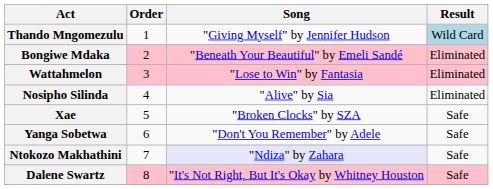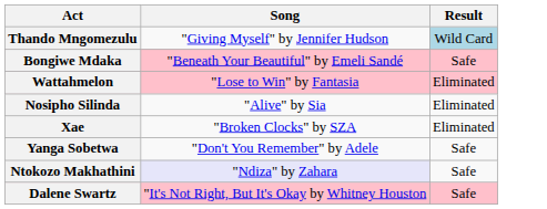 <table class="wikitable plainrowheaders" style="text-align:center;">
 <tr>
 <th scope="col">Act</th>
-<th scope="col">Order</th>
 <th scope="col">Song</th>
 <th scope="col">Result</th>
 </tr>
 <tr>
 <th scope=row>Thando Mngomezulu</th>
-<td>1</td>
 <td>"<a href='#'>Giving Myself</a>" by <a href='#'>Jennifer Hudson</a></td>
 <td style="background: #add8e6">Wild Card</td>
 </tr>
 <tr style="background: pink">
 <th scope=row>Bongiwe Mdaka</th>
-<td>2</td>
 <td>"<a href='#'>Beneath Your Beautiful</a>" by <a href='#'>Emeli Sandé</a></td>
-<td>Eliminated</td>
+<td>Safe</td>
 </tr>
 <tr style="background: pink">
 <th scope=row>Wattahmelon</th>
-<td>3</td>
 <td>"<a href='#'>Lose to Win</a>" by <a href='#'>Fantasia</a></td>
 <td>Eliminated</td>
 </tr>
 <tr>
 <th scope=row>Nosipho Silinda</th>
-<td>4</td>
 <td>"<a href='#'>Alive</a>" by <a href='#'>Sia</a></td>
 <td>Eliminated</td>
 </tr>
 <tr>
 <th scope=row>Xae</th>
-<td>5</td>
 <td>"<a href='#'>Broken Clocks</a>" by <a href='#'>SZA</a></td>
-<td>Safe</td>
+<td>Eliminated</td>
 </tr>
 <tr>
 <th scope=row>Yanga Sobetwa</th>
-<td>6</td>
 <td>"<a href='#'>Don't You Remember</a>" by <a href='#'>Adele</a></td>
 <td>Safe</td>
 </tr>
 <tr>
 <th scope=row>Ntokozo Makhathini</th>
-<td>7</td>
 <td style="background: lavender;">"<a href='#'>Ndiza</a>" by <a href='#'>Zahara</a></td>
 <td>Safe</td>
 </tr>
 <tr style="background: pink">
 <th scope=row>Dalene Swartz</th>
-<td>8</td>
 <td>"<a href='#'>It's Not Right, But It's Okay</a> by <a href='#'>Whitney Houston</a></td>
 <td>Safe</td>
 </tr>
 </table>
